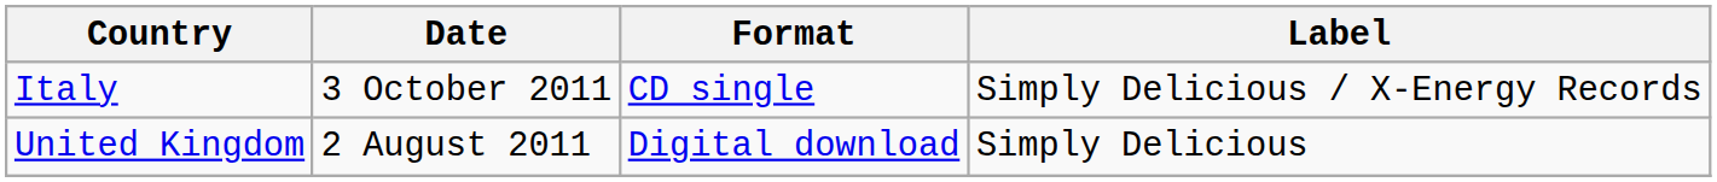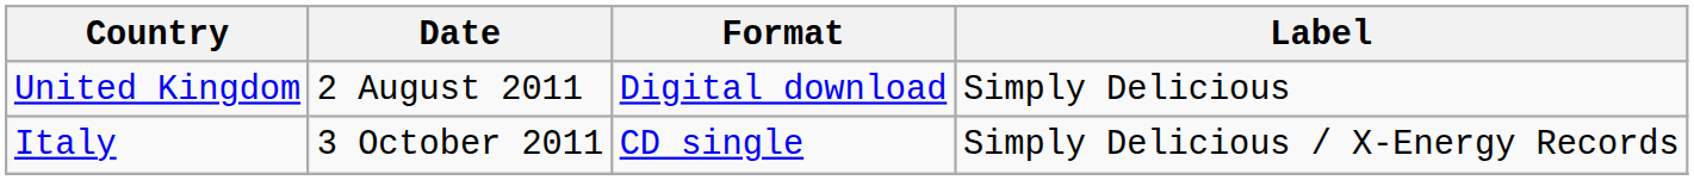 <table class="wikitable">
 <tr>
 <th>Country</th>
 <th>Date</th>
 <th>Format</th>
 <th>Label</th>
 </tr>
 <tr>
+<td><a href='#'>United Kingdom</a></td>
+<td>2 August 2011</td>
+<td><a href='#'>Digital download</a></td>
+<td>Simply Delicious</td>
+</tr>
+<tr>
 <td><a href='#'>Italy</a></td>
 <td>3 October 2011</td>
 <td><a href='#'>CD single</a></td>
 <td>Simply Delicious / X-Energy Records</td>
 </tr>
 <tr>
-<td><a href='#'>United Kingdom</a></td>
-<td>2 August 2011</td>
-<td><a href='#'>Digital download</a></td>
-<td>Simply Delicious</td>
-</tr>
-<tr>
 </tr>
 </table>
